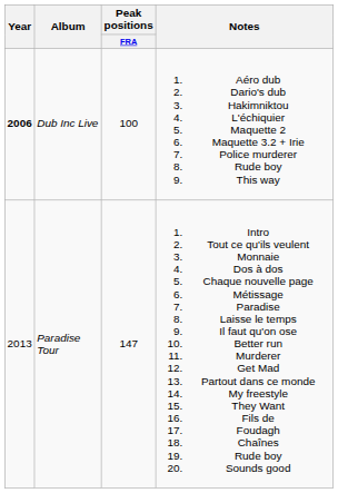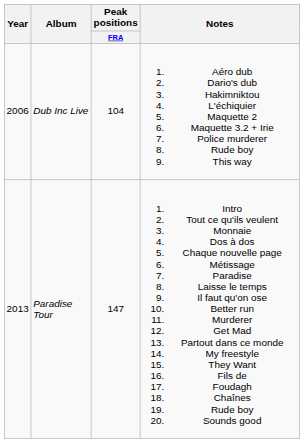 <table class="wikitable">
 <tr>
 <th align="center" rowspan="2" width="10">Year</th>
 <th align="center" rowspan="2" width="90">Album</th>
 <th align="center" colspan="1" width="10">Peak positions</th>
 <th align="center" rowspan="2" width="250">Notes</th>
 </tr>
 <tr>
 <th scope="col" style="width:3em;font-size:75%;"><a href='#'>FRA</a><br></th>
 </tr>
 <tr>
-<td style="text-align:center;"><strong>2006</strong></td>
+<td style="text-align:center;">2006</td>
 <td><em>Dub Inc Live</em></td>
-<td style="text-align:center;">100</td>
+<td style="text-align:center;">104</td>
 <td style="text-align:center;"><br><ol><li>Aéro dub</li><li>Dario's dub</li><li>Hakimniktou</li><li>L'échiquier</li><li>Maquette 2</li><li>Maquette 3.2 + Irie</li><li>Police murderer</li><li>Rude boy</li><li>This way</li></ol></td>
 </tr>
 <tr>
 <td style="text-align:center;">2013</td>
 <td><em>Paradise Tour</em></td>
 <td style="text-align:center;">147</td>
 <td style="text-align:center;"><br><ol><li>Intro</li><li>Tout ce qu'ils veulent</li><li>Monnaie</li><li>Dos à dos</li><li>Chaque nouvelle page</li><li>Métissage</li><li>Paradise</li><li>Laisse le temps</li><li>Il faut qu'on ose</li><li>Better run</li><li>Murderer</li><li>Get Mad</li><li>Partout dans ce monde</li><li>My freestyle</li><li>They Want</li><li>Fils de</li><li>Foudagh</li><li>Chaînes</li><li>Rude boy</li><li>Sounds good</li></ol></td>
 </tr>
 </table>
